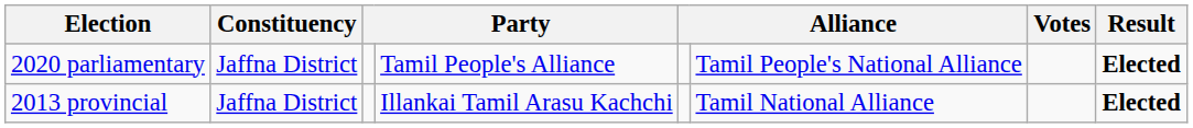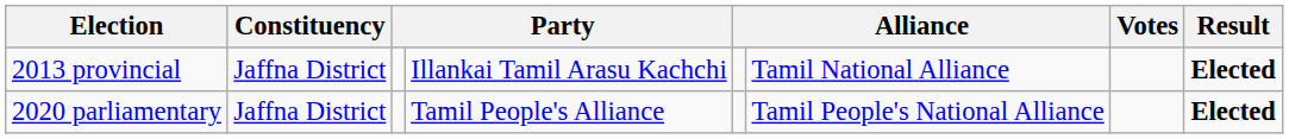 <table class="wikitable" style="text-align:left;">
 <tr>
 <th scope=col>Election</th>
 <th scope=col>Constituency</th>
 <th scope=col colspan="2">Party</th>
 <th scope=col colspan="2">Alliance</th>
 <th scope=col>Votes</th>
 <th scope=col>Result</th>
+</tr>
+<tr>
+<td><a href='#'>2013 provincial</a></td>
+<td><a href='#'>Jaffna District</a></td>
+<td style="background:"></td>
+<td><a href='#'>Illankai Tamil Arasu Kachchi</a></td>
+<td style="background:"></td>
+<td><a href='#'>Tamil National Alliance</a></td>
+<td align=right></td>
+<td><strong>Elected</strong></td>
 </tr>
 <tr>
 <td><a href='#'>2020 parliamentary</a></td>
 <td><a href='#'>Jaffna District</a></td>
 <td></td>
 <td><a href='#'>Tamil People's Alliance</a></td>
 <td style="background:"></td>
 <td><a href='#'>Tamil People's National Alliance</a></td>
 <td align=right></td>
 <td><strong>Elected</strong></td>
 </tr>
-<tr>
-<td><a href='#'>2013 provincial</a></td>
-<td><a href='#'>Jaffna District</a></td>
-<td style="background:"></td>
-<td><a href='#'>Illankai Tamil Arasu Kachchi</a></td>
-<td style="background:"></td>
-<td><a href='#'>Tamil National Alliance</a></td>
-<td align=right></td>
-<td><strong>Elected</strong></td>
-</tr>
 </table>
